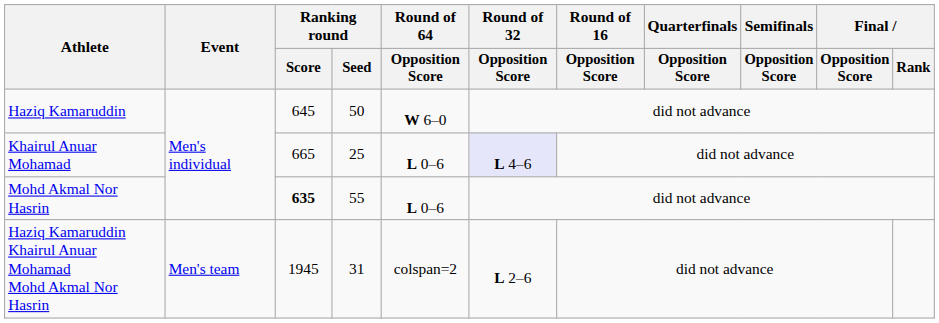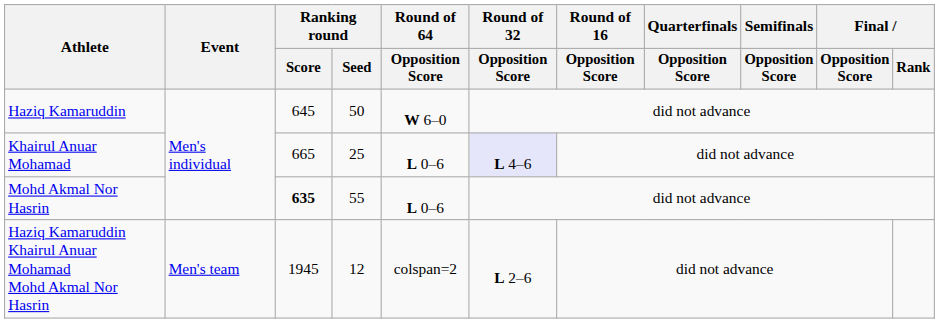 <table class="wikitable" style="font-size:90%">
 <tr>
 <th rowspan=2>Athlete</th>
 <th rowspan=2>Event</th>
 <th colspan="2">Ranking round</th>
 <th>Round of 64</th>
 <th>Round of 32</th>
 <th>Round of 16</th>
 <th>Quarterfinals</th>
 <th>Semifinals</th>
 <th colspan="2">Final / </th>
 </tr>
 <tr style="font-size:95%">
 <th>Score</th>
 <th>Seed</th>
 <th>Opposition<br>Score</th>
 <th>Opposition<br>Score</th>
 <th>Opposition<br>Score</th>
 <th>Opposition<br>Score</th>
 <th>Opposition<br>Score</th>
 <th>Opposition<br>Score</th>
 <th>Rank</th>
 </tr>
 <tr align=center>
 <td align=left><a href='#'>Haziq Kamaruddin</a></td>
 <td align=left rowspan=3><a href='#'>Men's individual</a></td>
 <td>645</td>
 <td>50</td>
 <td><br><strong>W</strong> 6–0</td>
 <td colspan=6>did not advance</td>
 </tr>
 <tr align=center>
 <td align=left><a href='#'>Khairul Anuar Mohamad</a></td>
 <td>665</td>
 <td>25</td>
 <td><br><strong>L</strong> 0–6</td>
 <td style="background: lavender;"><br><strong>L</strong> 4–6</td>
 <td colspan=5>did not advance</td>
 </tr>
 <tr align=center>
 <td align=left><a href='#'>Mohd Akmal Nor Hasrin</a></td>
 <td><strong>635</strong></td>
 <td>55</td>
 <td><br><strong>L</strong> 0–6</td>
 <td colspan=6>did not advance</td>
 </tr>
 <tr align=center>
 <td align=left><a href='#'>Haziq Kamaruddin</a><br><a href='#'>Khairul Anuar Mohamad</a><br><a href='#'>Mohd Akmal Nor Hasrin</a></td>
 <td align=left><a href='#'>Men's team</a></td>
 <td>1945</td>
-<td>31</td>
+<td>12</td>
 <td>colspan=2 </td>
 <td><br><strong>L</strong> 2–6</td>
 <td colspan=4>did not advance</td>
 </tr>
 </table>
